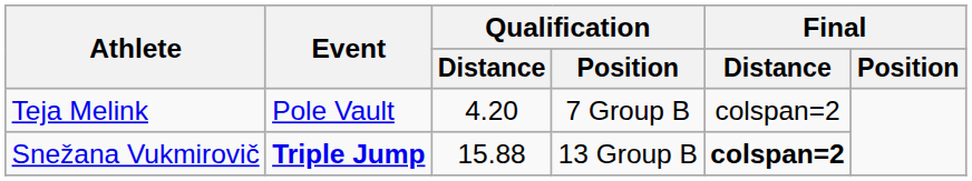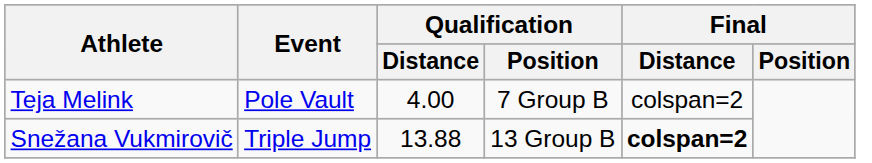 <table class=wikitable style="font-size:90%">
 <tr>
 <th rowspan="2">Athlete</th>
 <th rowspan="2">Event</th>
 <th colspan="2">Qualification</th>
 <th colspan="2">Final</th>
 </tr>
 <tr style="font-size:95%">
 <th>Distance</th>
 <th>Position</th>
 <th>Distance</th>
 <th>Position</th>
 </tr>
 <tr style=text-align:center>
 <td style=text-align:left><a href='#'>Teja Melink</a></td>
 <td style=text-align:left><a href='#'>Pole Vault</a></td>
-<td>4.20</td>
+<td>4.00</td>
 <td>7 Group B</td>
 <td>colspan=2 </td>
 </tr>
 <tr style=text-align:center>
 <td style=text-align:left><a href='#'>Snežana Vukmirovič</a></td>
-<td style=text-align:left><strong><a href='#'>Triple Jump</a></strong></td>
-<td>15.88</td>
+<td style=text-align:left><a href='#'>Triple Jump</a></td>
+<td>13.88</td>
 <td>13 Group B</td>
 <td><strong>colspan=2 </strong></td>
 </tr>
 </table>
